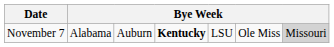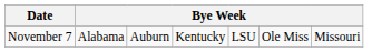 <table class="wikitable" style="font-size:95%;">
 <tr>
 <th>Date</th>
 <th colspan="6">Bye Week</th>
 </tr>
 <tr>
 <td>November 7</td>
 <td>Alabama</td>
 <td>Auburn</td>
-<td><strong>Kentucky</strong></td>
+<td>Kentucky</td>
 <td>LSU</td>
 <td>Ole Miss</td>
-<td style="background: lightgrey;">Missouri</td>
+<td>Missouri</td>
 </tr>
 </table>
